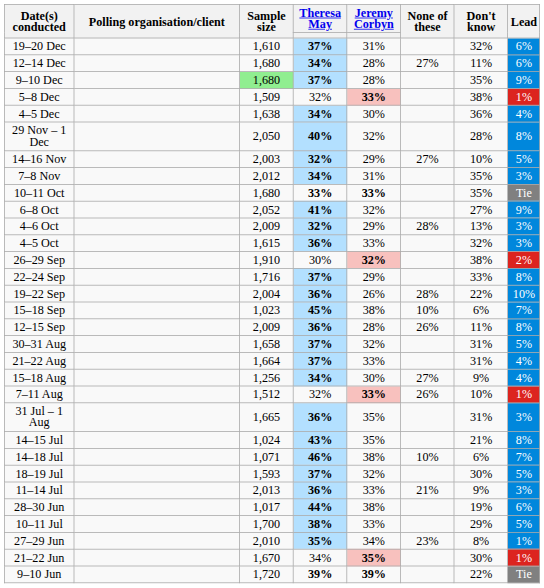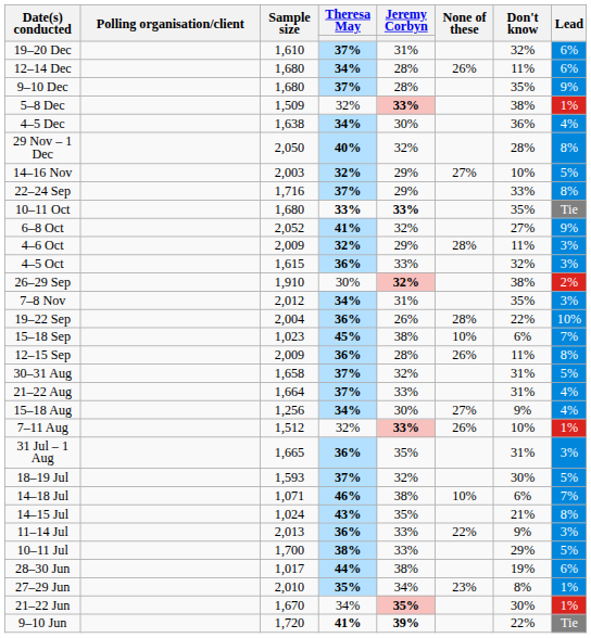 <table class="wikitable collapsible sortable" style="text-align:center;font-size:95%;line-height:14px">
 <tr>
 <th style="width:80px;" rowspan="2">Date(s)<br>conducted</th>
 <th style="width:200px;" rowspan="2">Polling organisation/client</th>
 <th style="width:60px;" rowspan="2">Sample size</th>
 <th style="width:60px;" class="unsortable"><a href='#'>Theresa May</a></th>
 <th style="width:60px;" class="unsortable"><a href='#'>Jeremy Corbyn</a></th>
 <th style="width:60px;" rowspan="2" class="unsortable">None of these</th>
 <th style="width:60px;" rowspan="2" class="unsortable">Don't know</th>
 <th class="unsortable" style="width:20px;" rowspan="2">Lead</th>
 </tr>
 <tr>
 <th class="unsortable" style="color:inherit;background:"></th>
 <th class="unsortable" style="color:inherit;background:"></th>
 </tr>
 <tr>
 <td>19–20 Dec</td>
 <td></td>
 <td>1,610</td>
 <td style="background:#B3E0FF"><strong>37%</strong></td>
 <td>31%</td>
 <td></td>
 <td>32%</td>
 <td style="background:#0087DC; color:white;">6%</td>
 </tr>
 <tr>
 <td>12–14 Dec</td>
 <td> </td>
 <td>1,680</td>
 <td style="background:#B3E0FF"><strong>34%</strong></td>
 <td>28%</td>
-<td>27%</td>
+<td>26%</td>
 <td>11%</td>
 <td style="background:#0087DC; color:white;">6%</td>
 </tr>
 <tr>
 <td>9–10 Dec</td>
 <td></td>
-<td style="background: lightgreen;">1,680</td>
+<td>1,680</td>
 <td style="background:#B3E0FF"><strong>37%</strong></td>
 <td>28%</td>
 <td></td>
 <td>35%</td>
 <td style="background:#0087DC; color:white;">9%</td>
 </tr>
 <tr>
 <td>5–8 Dec</td>
 <td></td>
 <td>1,509</td>
 <td>32%</td>
 <td style="background:#F8C1BE"><strong>33%</strong></td>
 <td></td>
 <td>38%</td>
 <td style="background:#DC241f; color:white;">1%</td>
 </tr>
 <tr>
 <td>4–5 Dec</td>
 <td></td>
 <td>1,638</td>
 <td style="background:#B3E0FF"><strong>34%</strong></td>
 <td>30%</td>
 <td></td>
 <td>36%</td>
 <td style="background:#0087DC; color:white;">4%</td>
 </tr>
 <tr>
 <td>29 Nov – 1 Dec</td>
 <td></td>
 <td>2,050</td>
 <td style="background:#B3E0FF"><strong>40%</strong></td>
 <td>32%</td>
 <td></td>
 <td>28%</td>
 <td style="background:#0087DC; color:white;">8%</td>
 </tr>
 <tr>
 <td>14–16 Nov</td>
 <td></td>
 <td>2,003</td>
 <td style="background:#B3E0FF"><strong>32%</strong></td>
 <td>29%</td>
 <td>27%</td>
 <td>10%</td>
 <td style="background:#0087DC; color:white;">5%</td>
 </tr>
 <tr>
-<td>7–8 Nov</td>
+<td>22–24 Sep</td>
 <td></td>
-<td>2,012</td>
-<td style="background:#B3E0FF"><strong>34%</strong></td>
-<td>31%</td>
+<td>1,716</td>
+<td style="background:#B3E0FF"><strong>37%</strong></td>
+<td>29%</td>
 <td></td>
-<td>35%</td>
-<td style="background:#0087DC; color:white;">3%</td>
+<td>33%</td>
+<td style="background:#0087DC; color:white;">8%</td>
 </tr>
 <tr>
 <td>10–11 Oct</td>
 <td></td>
 <td>1,680</td>
 <td><strong>33%</strong></td>
 <td><strong>33%</strong></td>
 <td></td>
 <td>35%</td>
 <td style="background:grey; color:white;">Tie</td>
 </tr>
 <tr>
 <td>6–8 Oct</td>
 <td></td>
 <td>2,052</td>
 <td style="background:#B3E0FF"><strong>41%</strong></td>
 <td>32%</td>
 <td></td>
 <td>27%</td>
 <td style="background:#0087DC; color:white;">9%</td>
 </tr>
 <tr>
 <td>4–6 Oct</td>
 <td></td>
 <td>2,009</td>
 <td style="background:#B3E0FF"><strong>32%</strong></td>
 <td>29%</td>
 <td>28%</td>
-<td>13%</td>
+<td>11%</td>
 <td style="background:#0087DC; color:white;">3%</td>
 </tr>
 <tr>
 <td>4–5 Oct</td>
 <td></td>
 <td>1,615</td>
 <td style="background:#B3E0FF"><strong>36%</strong></td>
 <td>33%</td>
 <td></td>
 <td>32%</td>
 <td style="background:#0087DC; color:white;">3%</td>
 </tr>
 <tr>
 <td>26–29 Sep</td>
 <td></td>
 <td>1,910</td>
 <td>30%</td>
 <td style="background:#F8C1BE"><strong>32%</strong></td>
 <td></td>
 <td>38%</td>
 <td style="background:#DC241f; color:white;">2%</td>
 </tr>
 <tr>
-<td>22–24 Sep</td>
+<td>7–8 Nov</td>
 <td></td>
-<td>1,716</td>
-<td style="background:#B3E0FF"><strong>37%</strong></td>
-<td>29%</td>
+<td>2,012</td>
+<td style="background:#B3E0FF"><strong>34%</strong></td>
+<td>31%</td>
 <td></td>
-<td>33%</td>
-<td style="background:#0087DC; color:white;">8%</td>
+<td>35%</td>
+<td style="background:#0087DC; color:white;">3%</td>
 </tr>
 <tr>
 <td>19–22 Sep</td>
 <td></td>
 <td>2,004</td>
 <td style="background:#B3E0FF"><strong>36%</strong></td>
 <td>26%</td>
 <td>28%</td>
 <td>22%</td>
 <td style="background:#0087DC; color:white;">10%</td>
 </tr>
 <tr>
 <td>15–18 Sep</td>
 <td></td>
 <td>1,023</td>
 <td style="background:#B3E0FF"><strong>45%</strong></td>
 <td>38%</td>
 <td>10%</td>
 <td>6%</td>
 <td style="background:#0087DC; color:white;">7%</td>
 </tr>
 <tr>
 <td>12–15 Sep</td>
 <td></td>
 <td>2,009</td>
 <td style="background:#B3E0FF"><strong>36%</strong></td>
 <td>28%</td>
 <td>26%</td>
 <td>11%</td>
 <td style="background:#0087DC; color:white;">8%</td>
 </tr>
 <tr>
 <td>30–31 Aug</td>
 <td></td>
 <td>1,658</td>
 <td style="background:#B3E0FF"><strong>37%</strong></td>
 <td>32%</td>
 <td></td>
 <td>31%</td>
 <td style="background:#0087DC; color:white;">5%</td>
 </tr>
 <tr>
 <td>21–22 Aug</td>
 <td></td>
 <td>1,664</td>
 <td style="background:#B3E0FF"><strong>37%</strong></td>
 <td>33%</td>
 <td></td>
 <td>31%</td>
 <td style="background:#0087DC; color:white;">4%</td>
 </tr>
 <tr>
 <td>15–18 Aug</td>
 <td></td>
 <td>1,256</td>
 <td style="background:#B3E0FF"><strong>34%</strong></td>
 <td>30%</td>
 <td>27%</td>
 <td>9%</td>
 <td style="background:#0087DC; color:white;">4%</td>
 </tr>
 <tr>
 <td>7–11 Aug</td>
 <td></td>
 <td>1,512</td>
 <td>32%</td>
 <td style="background:#F8C1BE"><strong>33%</strong></td>
 <td>26%</td>
 <td>10%</td>
 <td style="background:#DC241f; color:white;">1%</td>
 </tr>
 <tr>
 <td>31 Jul – 1 Aug</td>
 <td></td>
 <td>1,665</td>
 <td style="background:#B3E0FF"><strong>36%</strong></td>
 <td>35%</td>
 <td></td>
 <td>31%</td>
 <td style="background:#0087DC; color:white;">3%</td>
 </tr>
 <tr>
-<td>14–15 Jul</td>
+<td>18–19 Jul</td>
 <td></td>
-<td>1,024</td>
-<td style="background:#B3E0FF"><strong>43%</strong></td>
-<td>35%</td>
+<td>1,593</td>
+<td style="background:#B3E0FF"><strong>37%</strong></td>
+<td>32%</td>
 <td></td>
-<td>21%</td>
-<td style="background:#0087DC; color:white;">8%</td>
+<td>30%</td>
+<td style="background:#0087DC; color:white;">5%</td>
 </tr>
 <tr>
 <td>14–18 Jul</td>
 <td></td>
 <td>1,071</td>
 <td style="background:#B3E0FF"><strong>46%</strong></td>
 <td>38%</td>
 <td>10%</td>
 <td>6%</td>
 <td style="background:#0087DC; color:white;">7%</td>
 </tr>
 <tr>
-<td>18–19 Jul</td>
+<td>14–15 Jul</td>
 <td></td>
-<td>1,593</td>
-<td style="background:#B3E0FF"><strong>37%</strong></td>
-<td>32%</td>
+<td>1,024</td>
+<td style="background:#B3E0FF"><strong>43%</strong></td>
+<td>35%</td>
 <td></td>
-<td>30%</td>
-<td style="background:#0087DC; color:white;">5%</td>
+<td>21%</td>
+<td style="background:#0087DC; color:white;">8%</td>
 </tr>
 <tr>
 <td>11–14 Jul</td>
 <td></td>
 <td>2,013</td>
 <td style="background:#B3E0FF"><strong>36%</strong></td>
 <td>33%</td>
-<td>21%</td>
+<td>22%</td>
 <td>9%</td>
 <td style="background:#0087DC; color:white;">3%</td>
+</tr>
+<tr>
+<td>10–11 Jul</td>
+<td></td>
+<td>1,700</td>
+<td style="background:#B3E0FF"><strong>38%</strong></td>
+<td>33%</td>
+<td></td>
+<td>29%</td>
+<td style="background:#0087DC; color:white;">5%</td>
 </tr>
 <tr>
 <td>28–30 Jun</td>
 <td></td>
 <td>1,017</td>
 <td style="background:#B3E0FF"><strong>44%</strong></td>
 <td>38%</td>
 <td></td>
 <td>19%</td>
 <td style="background:#0087DC; color:white;">6%</td>
-</tr>
-<tr>
-<td>10–11 Jul</td>
-<td></td>
-<td>1,700</td>
-<td style="background:#B3E0FF"><strong>38%</strong></td>
-<td>33%</td>
-<td></td>
-<td>29%</td>
-<td style="background:#0087DC; color:white;">5%</td>
 </tr>
 <tr>
 <td>27–29 Jun</td>
 <td></td>
 <td>2,010</td>
 <td style="background:#B3E0FF"><strong>35%</strong></td>
 <td>34%</td>
 <td>23%</td>
 <td>8%</td>
 <td style="background:#0087DC; color:white;">1%</td>
 </tr>
 <tr>
 <td>21–22 Jun</td>
 <td></td>
 <td>1,670</td>
 <td>34%</td>
 <td style="background:#F8C1BE"><strong>35%</strong></td>
 <td></td>
 <td>30%</td>
 <td style="background:#DC241f; color:white;">1%</td>
 </tr>
 <tr>
 <td>9–10 Jun</td>
 <td></td>
 <td>1,720</td>
-<td><strong>39%</strong></td>
+<td><strong>41%</strong></td>
 <td><strong>39%</strong></td>
 <td></td>
 <td>22%</td>
 <td style="background:grey; color:white;">Tie</td>
 </tr>
 </table>
